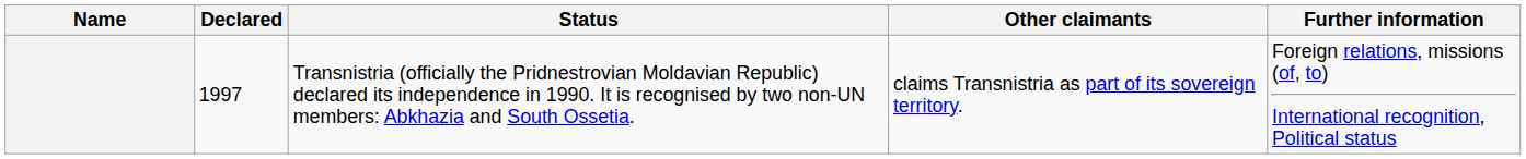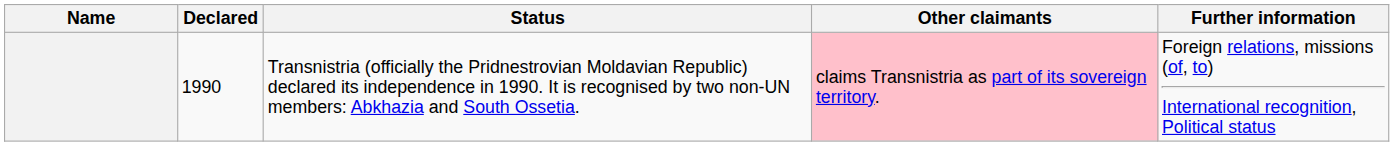 <table class="wikitable sortable">
 <tr>
 <th scope=col style="width:12%;">Name</th>
 <th scope=col style="width:5%;">Declared</th>
 <th scope=col style="width:38%;" class=unsortable>Status</th>
 <th scope=col style="width:24%;" class=unsortable>Other claimants</th>
 <th scope=col style="width:16%;" class=unsortable>Further information</th>
 </tr>
 <tr>
 <th scope=row></th>
-<td>1997</td>
+<td>1990</td>
 <td>Transnistria (officially the Pridnestrovian Moldavian Republic) declared its independence in 1990. It is recognised by two non-UN members: <a href='#'>Abkhazia</a> and <a href='#'>South Ossetia</a>.</td>
-<td> claims Transnistria as <a href='#'>part of its sovereign territory</a>.</td>
+<td style="background: pink;"> claims Transnistria as <a href='#'>part of its sovereign territory</a>.</td>
 <td>Foreign <a href='#'>relations</a>, missions (<a href='#'>of</a>, <a href='#'>to</a>) <hr> <a href='#'>International recognition</a>, <a href='#'>Political status</a></td>
 </tr>
 </table>
